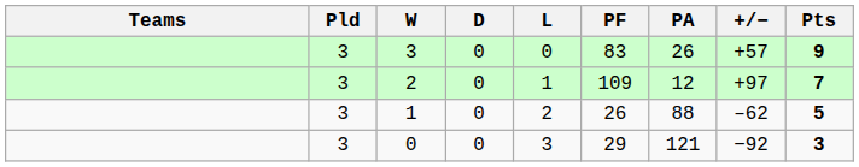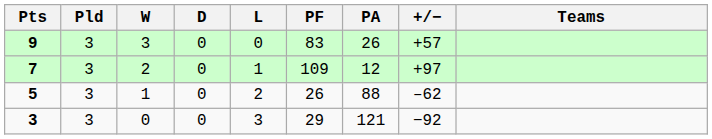 <table class="wikitable" style="text-align: center;">
 <tr>
-<th style="width:200px;">Teams</th>
+<th width="40">Pts</th>
 <th width="40">Pld</th>
 <th width="40">W</th>
 <th width="40">D</th>
 <th width="40">L</th>
 <th width="40">PF</th>
 <th width="40">PA</th>
 <th width="40">+/−</th>
-<th width="40">Pts</th>
+<th style="width:200px;">Teams</th>
 </tr>
 <tr style="background:#cfc;">
-<td align=left></td>
+<td><strong>9</strong></td>
 <td>3</td>
 <td>3</td>
 <td>0</td>
 <td>0</td>
 <td>83</td>
 <td>26</td>
 <td>+57</td>
-<td><strong>9</strong></td>
+<td align=left></td>
 </tr>
 <tr style="background:#cfc;">
-<td align=left></td>
+<td><strong>7</strong></td>
 <td>3</td>
 <td>2</td>
 <td>0</td>
 <td>1</td>
 <td>109</td>
 <td>12</td>
 <td>+97</td>
-<td><strong>7</strong></td>
+<td align=left></td>
 </tr>
 <tr>
-<td align=left></td>
+<td><strong>5</strong></td>
 <td>3</td>
 <td>1</td>
 <td>0</td>
 <td>2</td>
 <td>26</td>
 <td>88</td>
 <td>–62</td>
-<td><strong>5</strong></td>
+<td align=left></td>
 </tr>
 <tr>
-<td align=left></td>
+<td><strong>3</strong></td>
 <td>3</td>
 <td>0</td>
 <td>0</td>
 <td>3</td>
 <td>29</td>
 <td>121</td>
 <td>−92</td>
-<td><strong>3</strong></td>
+<td align=left></td>
 </tr>
 </table>
